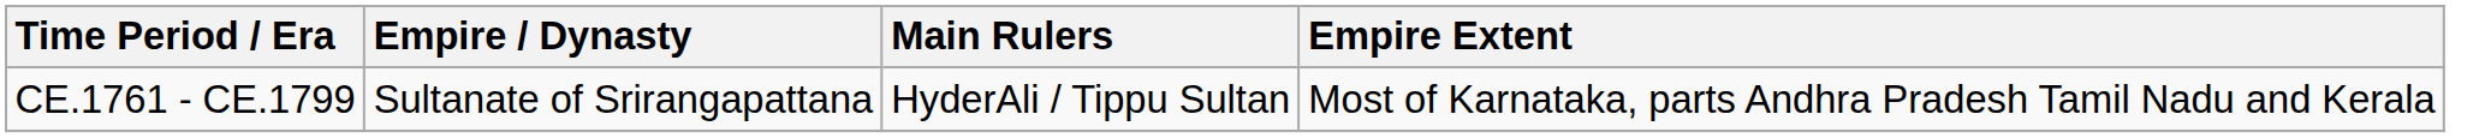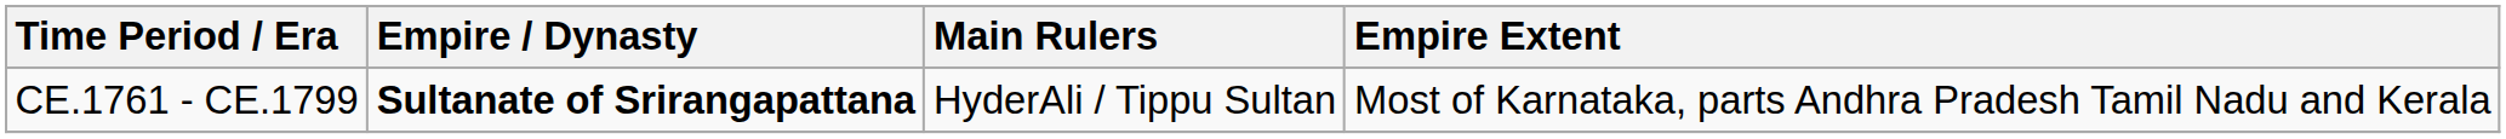 <table class="wikitable">
 <tr>
 <th style="text-align: left;">Time Period / Era</th>
 <th style="text-align: left;">Empire / Dynasty</th>
 <th style="text-align: left;">Main Rulers</th>
 <th style="text-align: left;">Empire Extent</th>
 </tr>
 <tr>
 <td>CE.1761 - CE.1799</td>
-<td>Sultanate of Srirangapattana</td>
+<td><strong>Sultanate of Srirangapattana</strong></td>
 <td>HyderAli / Tippu Sultan</td>
 <td>Most of Karnataka, parts Andhra Pradesh Tamil Nadu and Kerala</td>
 </tr>
 <tr>
 </tr>
 </table>
